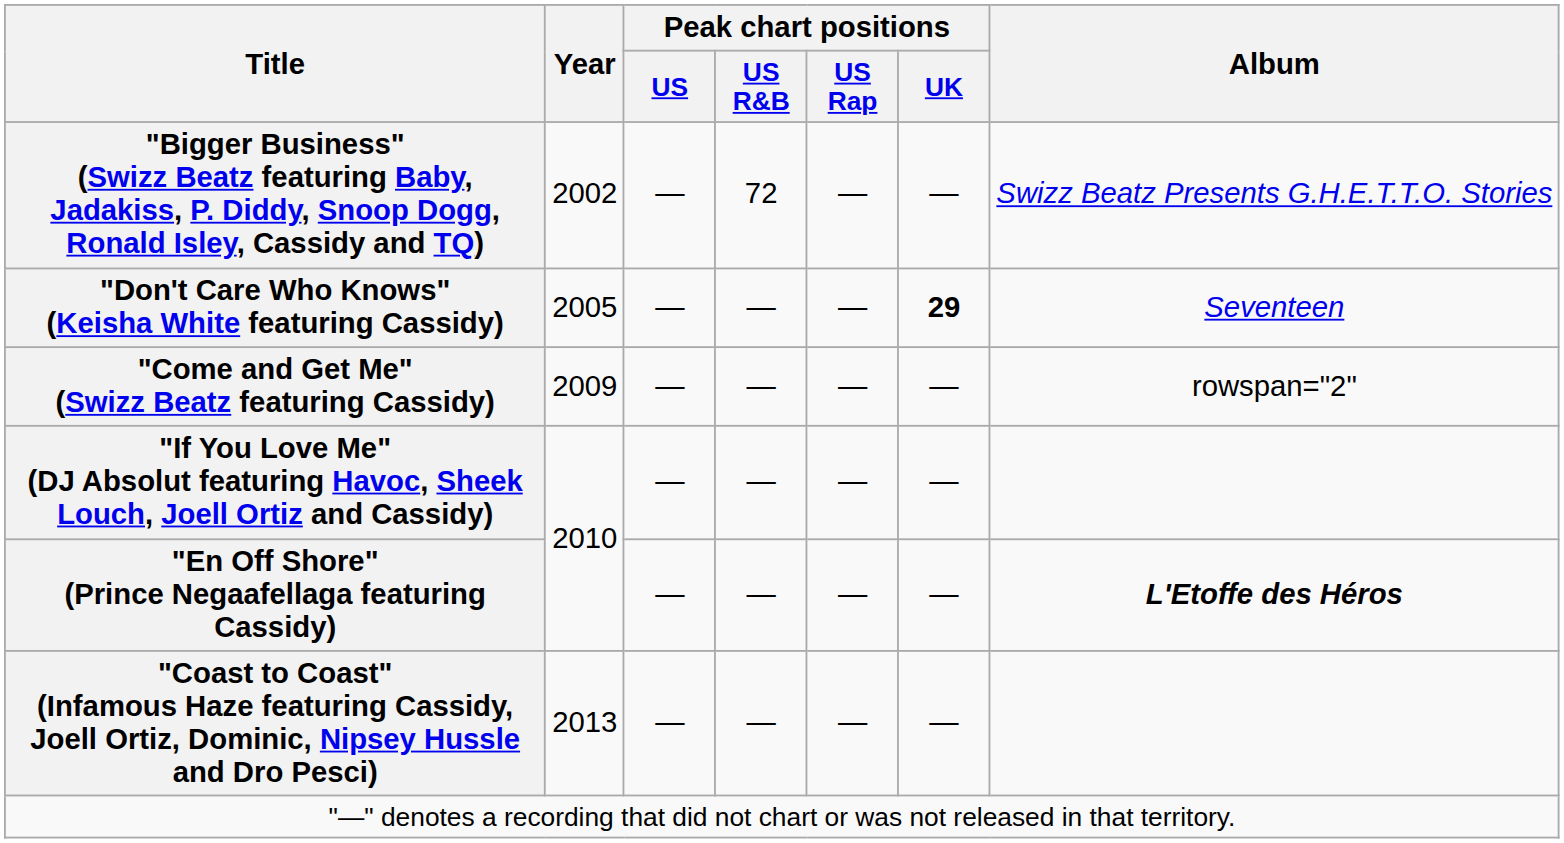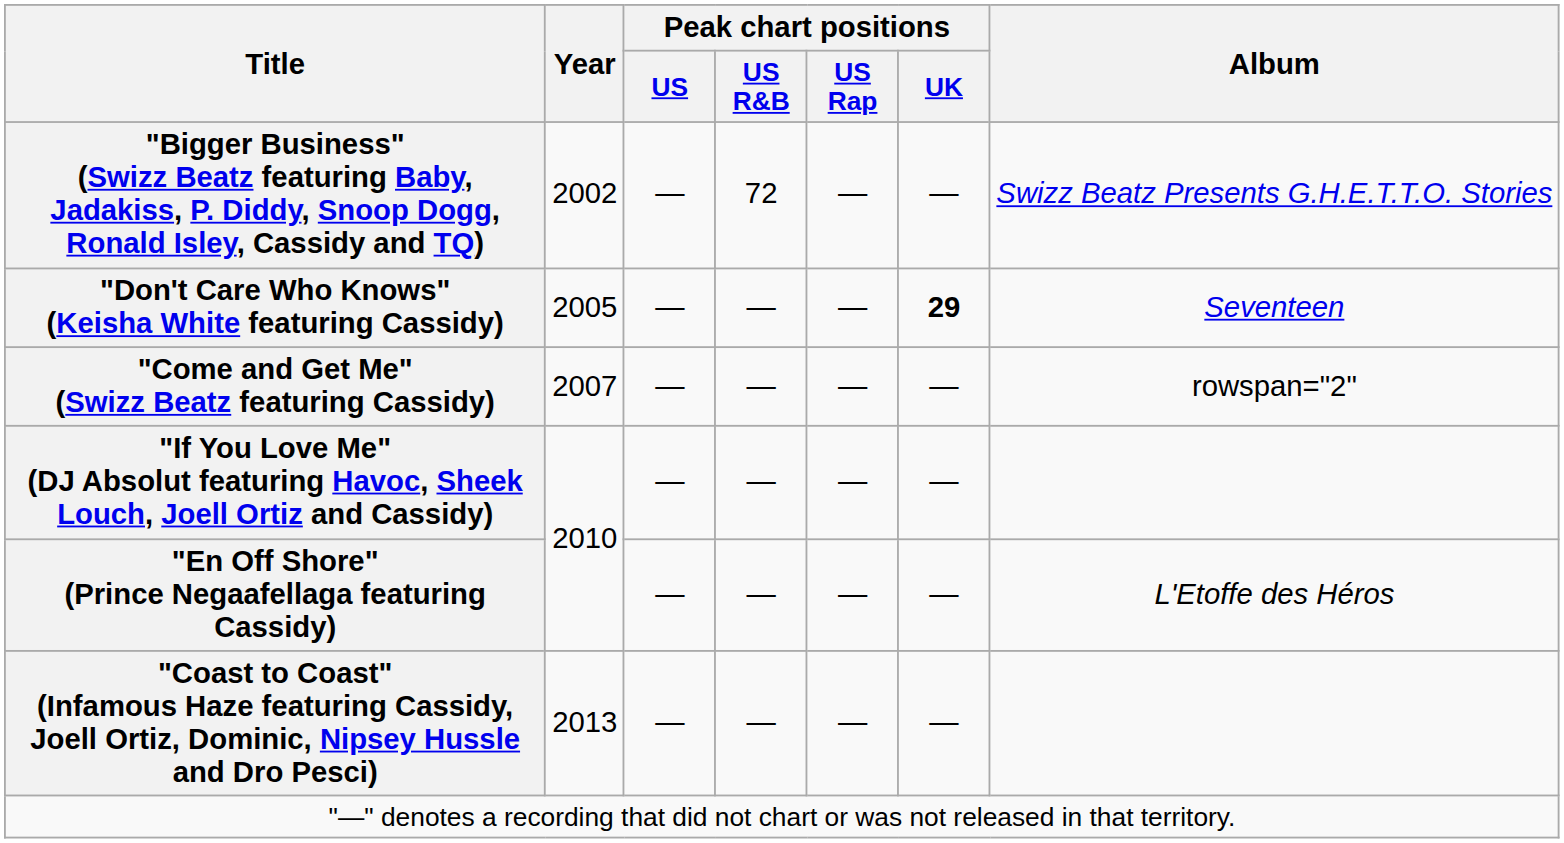 <table class="wikitable plainrowheaders" style="text-align:center;">
 <tr>
 <th scope="col" rowspan="2" style="width:18em;">Title</th>
 <th scope="col" rowspan="2">Year</th>
 <th scope="col" colspan="4">Peak chart positions</th>
 <th scope="col" rowspan="2">Album</th>
 </tr>
 <tr>
 <th style="width:3em;font-size:90%;"><a href='#'>US</a></th>
 <th style="width:3em;font-size:90%;"><a href='#'>US<br>R&B</a></th>
 <th style="width:3em;font-size:90%;"><a href='#'>US<br>Rap</a></th>
 <th style="width:3em;font-size:90%;"><a href='#'>UK</a></th>
 </tr>
 <tr>
 <th scope="row">"Bigger Business"<br><span>(<a href='#'>Swizz Beatz</a> featuring <a href='#'>Baby</a>, <a href='#'>Jadakiss</a>, <a href='#'>P. Diddy</a>, <a href='#'>Snoop Dogg</a>, <a href='#'>Ronald Isley</a>, Cassidy and <a href='#'>TQ</a>)</span></th>
 <td>2002</td>
 <td>—</td>
 <td>72</td>
 <td>—</td>
 <td>—</td>
 <td><em><a href='#'>Swizz Beatz Presents G.H.E.T.T.O. Stories</a></em></td>
 </tr>
 <tr>
 <th scope="row">"Don't Care Who Knows"<br><span>(<a href='#'>Keisha White</a> featuring Cassidy)</span></th>
 <td>2005</td>
 <td>—</td>
 <td>—</td>
 <td>—</td>
 <td><strong>29</strong></td>
 <td><em><a href='#'>Seventeen</a></em></td>
 </tr>
 <tr>
 <th scope="row">"Come and Get Me"<br><span>(<a href='#'>Swizz Beatz</a> featuring Cassidy)</span></th>
-<td rowspan="1">2009</td>
+<td rowspan="1">2007</td>
 <td>—</td>
 <td>—</td>
 <td>—</td>
 <td>—</td>
 <td>rowspan="2" </td>
 </tr>
 <tr>
 <th scope="row">"If You Love Me"<br><span>(DJ Absolut featuring <a href='#'>Havoc</a>, <a href='#'>Sheek Louch</a>, <a href='#'>Joell Ortiz</a> and Cassidy)</span></th>
 <td rowspan="2">2010</td>
 <td>—</td>
 <td>—</td>
 <td>—</td>
 <td>—</td>
 </tr>
 <tr>
 <th scope="row">"En Off Shore"<br><span>(Prince Negaafellaga featuring Cassidy)</span></th>
 <td>—</td>
 <td>—</td>
 <td>—</td>
 <td>—</td>
-<td><strong><em>L'Etoffe des Héros</em></strong></td>
+<td><em>L'Etoffe des Héros</em></td>
 </tr>
 <tr>
 <th scope="row">"Coast to Coast"<br><span>(Infamous Haze featuring Cassidy, Joell Ortiz, Dominic, <a href='#'>Nipsey Hussle</a> and Dro Pesci)</span></th>
 <td>2013</td>
 <td>—</td>
 <td>—</td>
 <td>—</td>
 <td>—</td>
 <td></td>
 </tr>
 <tr>
 <td colspan="14" style="font-size:90%">"—" denotes a recording that did not chart or was not released in that territory.</td>
 </tr>
 </table>
